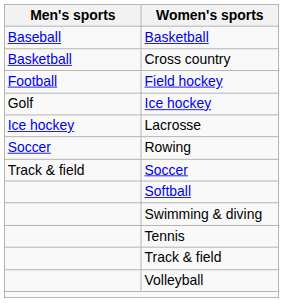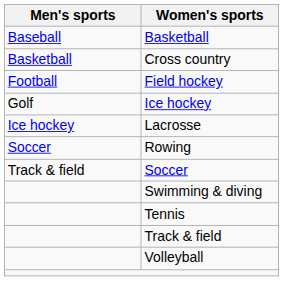 <table class="wikitable" style= " ">
 <tr>
 <th width=150px>Men's sports</th>
 <th width=150px>Women's sports</th>
 </tr>
 <tr>
 <td><a href='#'>Baseball</a></td>
 <td><a href='#'>Basketball</a></td>
 </tr>
 <tr>
 <td><a href='#'>Basketball</a></td>
 <td>Cross country</td>
 </tr>
 <tr>
 <td><a href='#'>Football</a></td>
 <td><a href='#'>Field hockey</a></td>
 </tr>
 <tr>
 <td>Golf</td>
 <td><a href='#'>Ice hockey</a></td>
 </tr>
 <tr>
 <td><a href='#'>Ice hockey</a></td>
 <td>Lacrosse</td>
 </tr>
 <tr>
 <td><a href='#'>Soccer</a></td>
 <td>Rowing</td>
 </tr>
 <tr>
 <td>Track & field</td>
 <td><a href='#'>Soccer</a></td>
 </tr>
 <tr>
 <td></td>
-<td><a href='#'>Softball</a></td>
-</tr>
-<tr>
-<td></td>
 <td>Swimming & diving</td>
 </tr>
 <tr>
 <td></td>
 <td>Tennis</td>
 </tr>
 <tr>
 <td></td>
 <td>Track & field</td>
 </tr>
 <tr>
 <td></td>
 <td>Volleyball</td>
 </tr>
 <tr>
 <td colspan="2"></td>
 </tr>
 </table>
